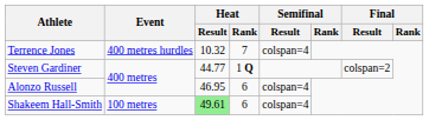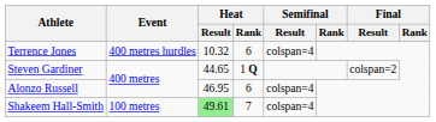 <table class="wikitable" style="font-size:90%">
 <tr>
 <th rowspan="2">Athlete</th>
 <th rowspan="2">Event</th>
 <th colspan="2">Heat</th>
 <th colspan="2">Semifinal</th>
 <th colspan="2">Final</th>
 </tr>
 <tr style="font-size:95%">
 <th>Result</th>
 <th>Rank</th>
 <th>Result</th>
 <th>Rank</th>
 <th>Result</th>
 <th>Rank</th>
 </tr>
 <tr align=center>
 <td align=left><a href='#'>Terrence Jones</a></td>
 <td align=left><a href='#'>400 metres hurdles</a></td>
 <td>10.32</td>
-<td>7</td>
+<td>6</td>
 <td>colspan=4 </td>
 </tr>
 <tr align=center>
 <td align=left><a href='#'>Steven Gardiner</a></td>
 <td align=left rowspan=2><a href='#'>400 metres</a></td>
-<td>44.77</td>
+<td>44.65</td>
 <td>1 <strong>Q</strong></td>
 <td colspan=2></td>
 <td>colspan=2 </td>
 </tr>
 <tr align=center>
 <td align=left><a href='#'>Alonzo Russell</a></td>
 <td>46.95</td>
 <td>6</td>
 <td>colspan=4 </td>
 </tr>
 <tr align=center>
 <td align=left><a href='#'>Shakeem Hall-Smith</a></td>
 <td align=left><a href='#'>100 metres</a></td>
 <td style="background: lightgreen;">49.61</td>
-<td>6</td>
+<td>7</td>
 <td>colspan=4 </td>
 </tr>
 </table>
